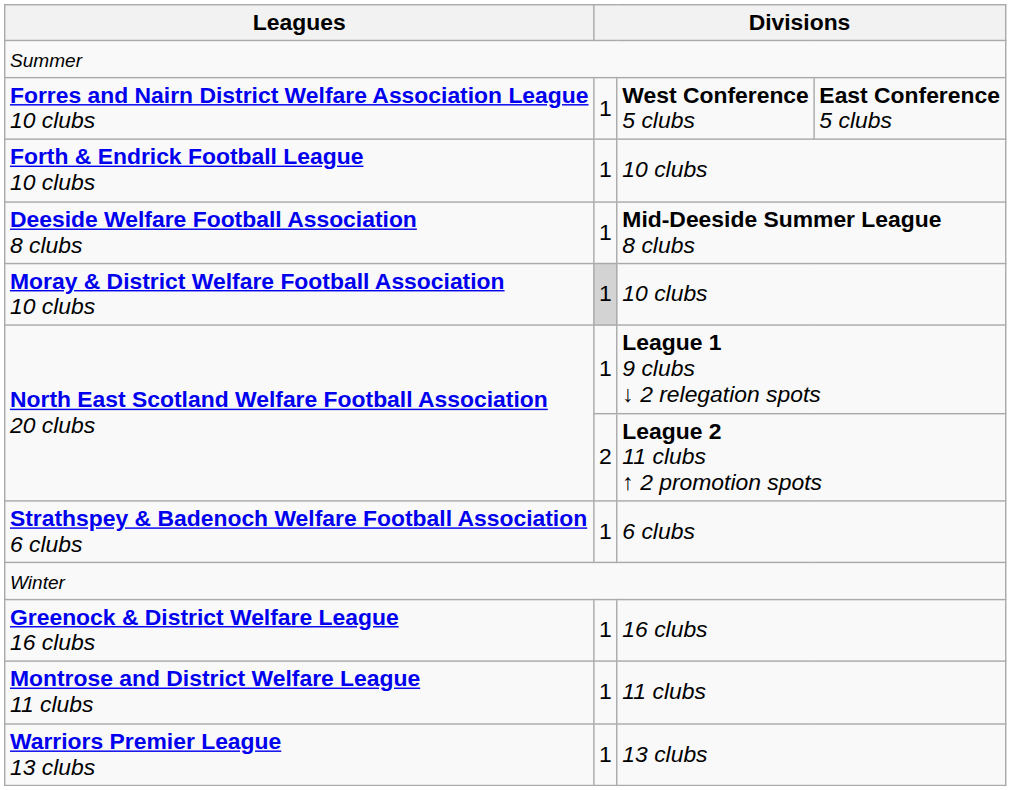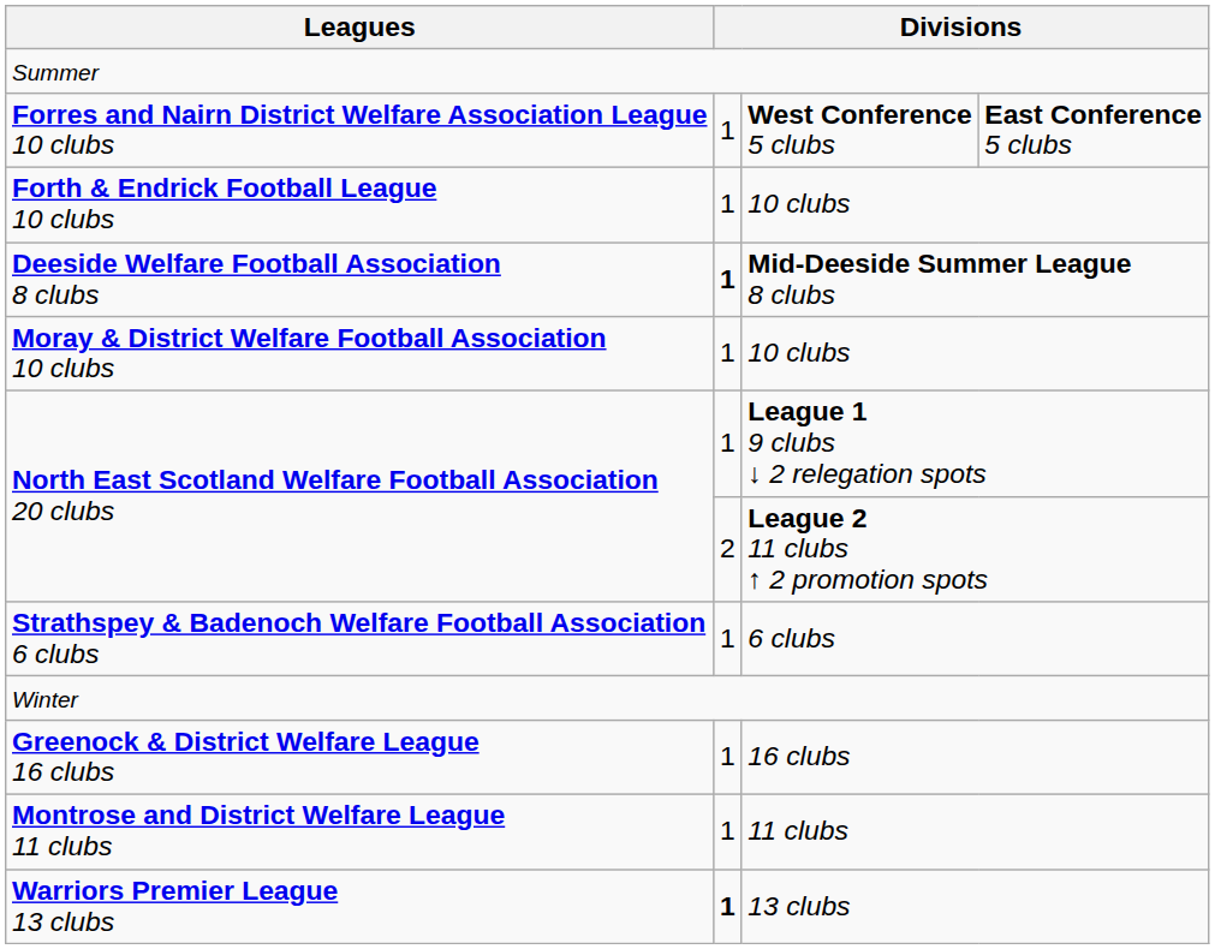 <table class="wikitable">
 <tr>
 <th>Leagues</th>
 <th colspan="3">Divisions</th>
 </tr>
 <tr>
 <td colspan="4"><em><small>Summer</small></em></td>
 </tr>
 <tr>
 <td><strong><a href='#'>Forres and Nairn District Welfare Association League</a></strong><br><em>10 clubs</em></td>
 <td>1</td>
 <td><strong>West Conference</strong><br><em>5 clubs</em></td>
 <td><strong>East Conference</strong><br><em>5 clubs</em></td>
 </tr>
 <tr>
 <td><a href='#'><strong>Forth & Endrick Football League</strong></a><br><em>10 clubs</em></td>
 <td>1</td>
 <td colspan="2"><em>10 clubs</em></td>
 </tr>
 <tr>
 <td><strong><a href='#'>Deeside Welfare Football Association</a></strong><br><em>8 clubs</em></td>
-<td>1</td>
+<td><strong>1</strong></td>
 <td colspan="2"><strong>Mid-Deeside Summer League</strong><br><em>8 clubs</em></td>
 </tr>
 <tr>
 <td><a href='#'><strong>Moray & District Welfare Football Association</strong></a><br><em>10 clubs</em></td>
-<td style="background: lightgrey;">1</td>
+<td>1</td>
 <td colspan="2"><em>10 clubs</em></td>
 </tr>
 <tr>
 <td rowspan="2"><a href='#'><strong>North East Scotland Welfare Football Association</strong></a><br><em>20 clubs</em></td>
 <td>1</td>
 <td colspan="2"><strong>League 1</strong><br><em>9 clubs</em><br><em>↓ 2 relegation spots</em></td>
 </tr>
 <tr>
 <td>2</td>
 <td colspan="2"><strong>League 2</strong><br><em>11 clubs</em><br><em>↑ 2 promotion spots</em></td>
 </tr>
 <tr>
 <td><a href='#'><strong>Strathspey & Badenoch Welfare Football Association</strong></a><br><em>6 clubs</em></td>
 <td>1</td>
 <td colspan="2"><em>6 clubs</em></td>
 </tr>
 <tr>
 <td colspan="4"><em><small>Winter</small></em></td>
 </tr>
 <tr>
 <td><strong><a href='#'>Greenock & District Welfare League</a></strong><br><em>16 clubs</em></td>
 <td>1</td>
 <td colspan="2"><em>16 clubs</em></td>
 </tr>
 <tr>
 <td><strong><a href='#'>Montrose and District Welfare League</a></strong><br><em>11 clubs</em></td>
 <td>1</td>
 <td colspan="2"><em>11 clubs</em></td>
 </tr>
 <tr>
 <td><strong><a href='#'>Warriors Premier League</a></strong><br><em>13 clubs</em></td>
-<td>1</td>
+<td><strong>1</strong></td>
 <td colspan="2"><em>13 clubs</em></td>
 </tr>
 </table>
